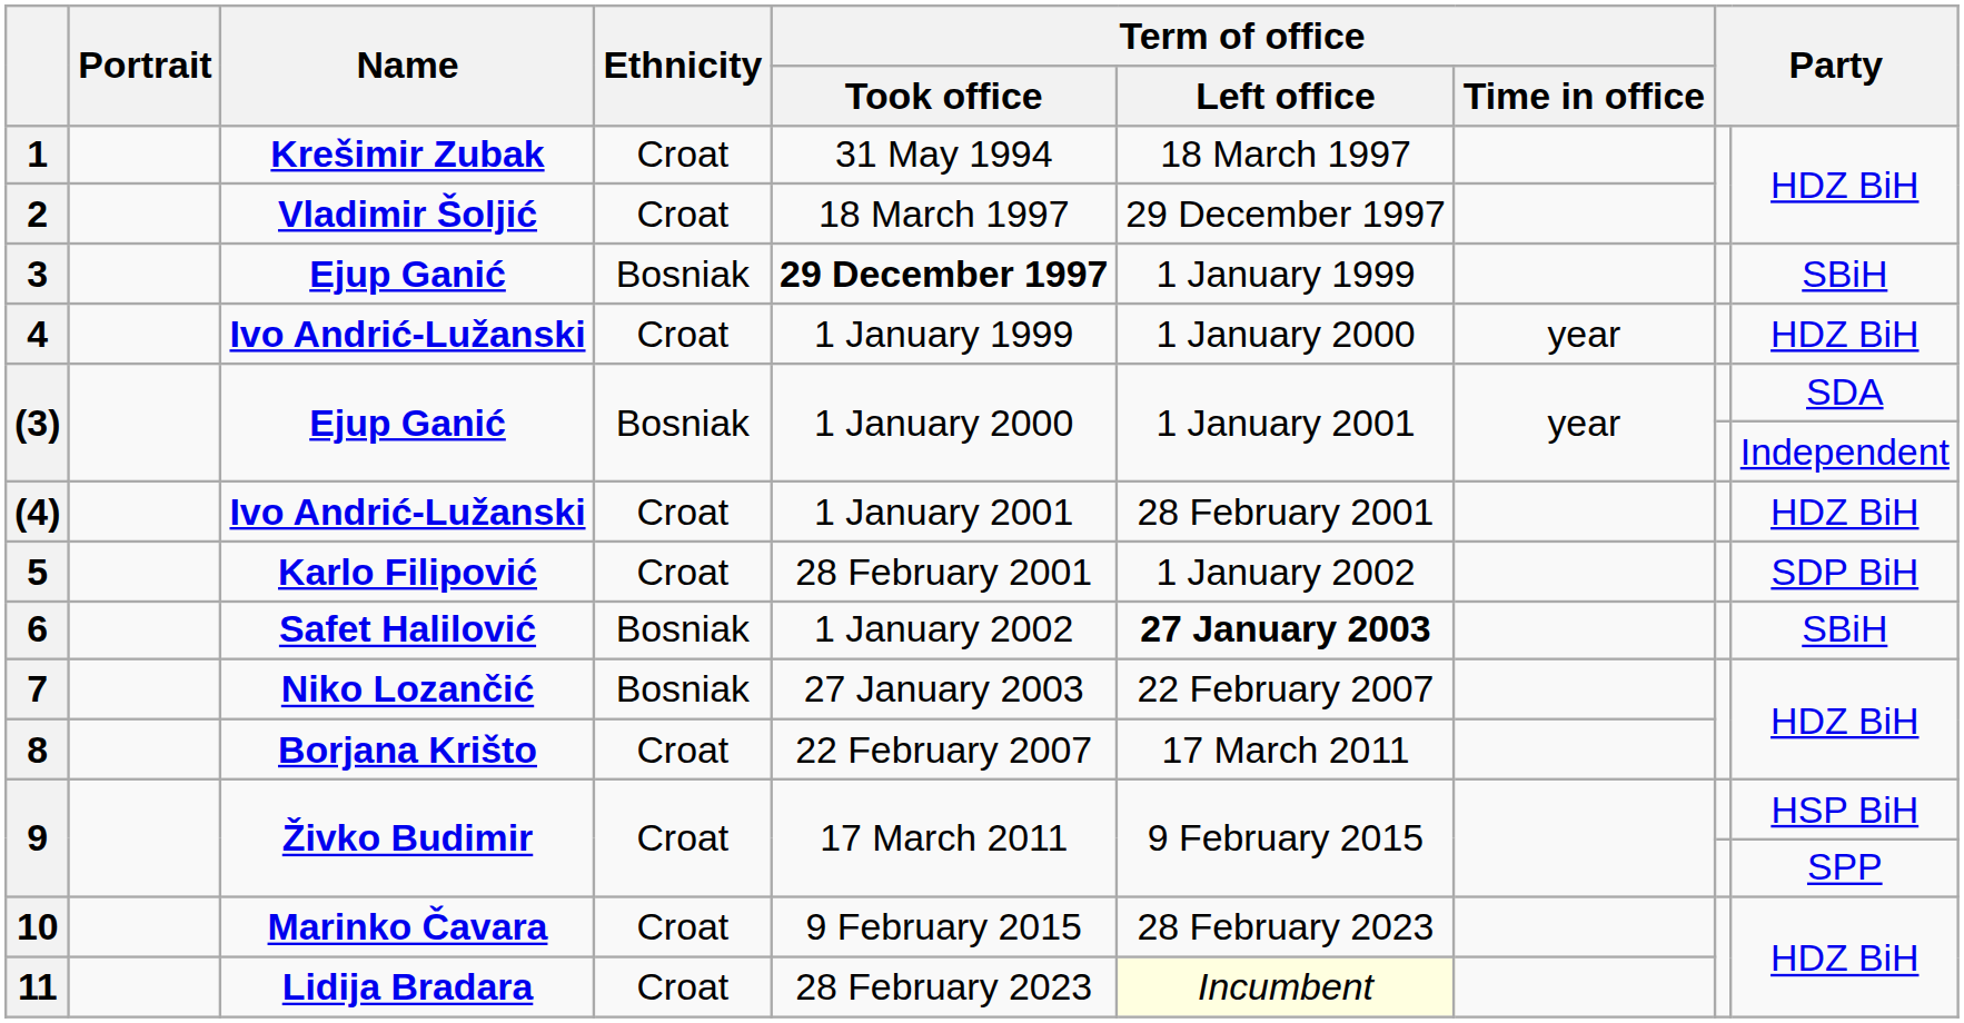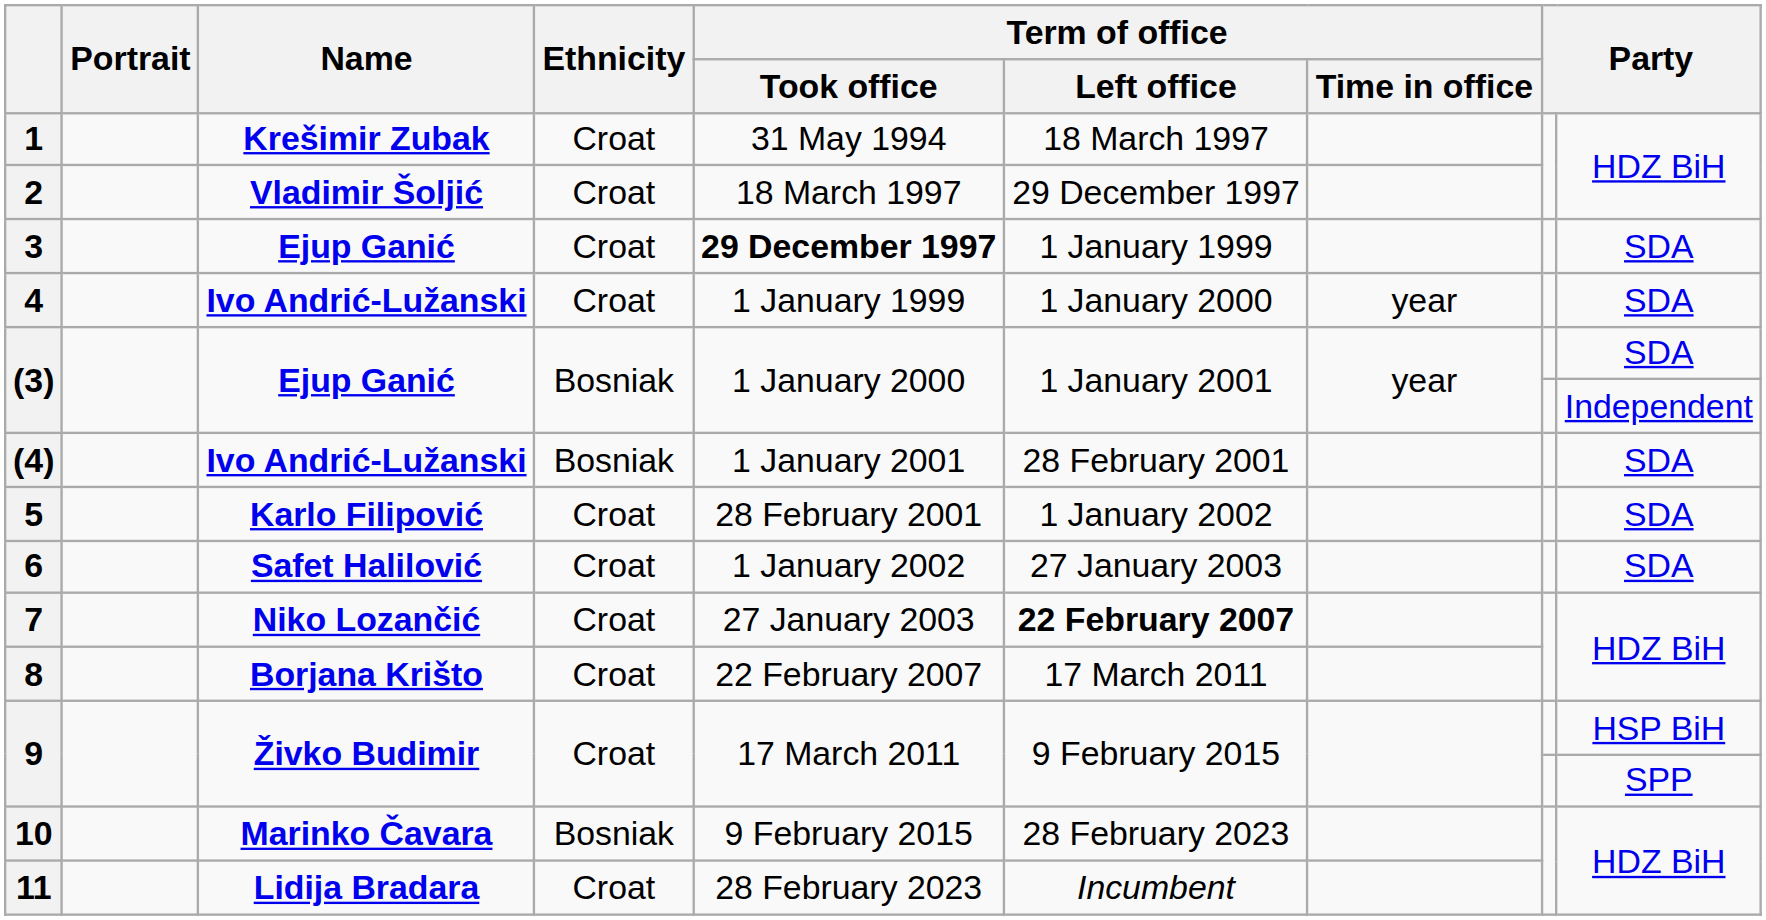 <table class="wikitable sortable" style="text-align: center;font-size:90%; border:1px #AAAAFF solid">
 <tr>
 <th rowspan=2></th>
 <th rowspan=2>Portrait</th>
 <th rowspan=2>Name<br></th>
 <th rowspan=2>Ethnicity</th>
 <th colspan=3>Term of office</th>
 <th rowspan=2 colspan=2>Party</th>
 </tr>
 <tr>
 <th>Took office</th>
 <th>Left office</th>
 <th>Time in office</th>
 </tr>
 <tr>
 <th>1</th>
 <td></td>
 <td><strong><a href='#'>Krešimir Zubak</a></strong><br></td>
 <td>Croat</td>
 <td>31 May 1994</td>
 <td>18 March 1997</td>
 <td></td>
 <td rowspan=2 style="background:"></td>
 <td rowspan=2><a href='#'>HDZ BiH</a></td>
 </tr>
 <tr>
 <th>2</th>
 <td></td>
 <td><strong><a href='#'>Vladimir Šoljić</a></strong><br></td>
 <td>Croat</td>
 <td>18 March 1997</td>
 <td>29 December 1997</td>
 <td></td>
 </tr>
 <tr>
 <th>3</th>
 <td></td>
 <td><strong><a href='#'>Ejup Ganić</a></strong><br></td>
-<td>Bosniak</td>
+<td>Croat</td>
 <td><strong>29 December 1997</strong></td>
 <td>1 January 1999</td>
 <td></td>
 <td style="background:"></td>
-<td><a href='#'>SBiH</a></td>
+<td><a href='#'>SDA</a></td>
 </tr>
 <tr>
 <th>4</th>
 <td></td>
 <td><strong><a href='#'>Ivo Andrić-Lužanski</a></strong><br></td>
 <td>Croat</td>
 <td>1 January 1999</td>
 <td>1 January 2000</td>
 <td> year</td>
 <td style="background:"></td>
-<td><a href='#'>HDZ BiH</a></td>
+<td><a href='#'>SDA</a><br></td>
 </tr>
 <tr>
 <th rowspan=2>(3)</th>
 <td rowspan=2></td>
 <td rowspan=2><strong><a href='#'>Ejup Ganić</a></strong><br></td>
 <td rowspan=2>Bosniak</td>
 <td rowspan=2>1 January 2000</td>
 <td rowspan=2>1 January 2001</td>
 <td rowspan=2> year</td>
 <td style="background:"></td>
 <td><a href='#'>SDA</a><br></td>
 </tr>
 <tr>
 <td style="background:"></td>
 <td><a href='#'>Independent</a><br></td>
 </tr>
 <tr>
 <th>(4)</th>
 <td></td>
 <td><strong><a href='#'>Ivo Andrić-Lužanski</a></strong><br></td>
-<td>Croat</td>
+<td>Bosniak</td>
 <td>1 January 2001</td>
 <td>28 February 2001</td>
 <td></td>
 <td style="background:"></td>
-<td><a href='#'>HDZ BiH</a></td>
+<td><a href='#'>SDA</a></td>
 </tr>
 <tr>
 <th>5</th>
 <td></td>
 <td><strong><a href='#'>Karlo Filipović</a></strong><br></td>
 <td>Croat</td>
 <td>28 February 2001</td>
 <td>1 January 2002</td>
 <td></td>
 <td style="background:"></td>
-<td><a href='#'>SDP BiH</a></td>
+<td><a href='#'>SDA</a><br></td>
 </tr>
 <tr>
 <th>6</th>
 <td></td>
 <td><strong><a href='#'>Safet Halilović</a></strong><br></td>
-<td>Bosniak</td>
+<td>Croat</td>
 <td>1 January 2002</td>
-<td><strong>27 January 2003</strong></td>
+<td>27 January 2003</td>
 <td></td>
 <td style="background:"></td>
-<td><a href='#'>SBiH</a></td>
+<td><a href='#'>SDA</a><br></td>
 </tr>
 <tr>
 <th>7</th>
 <td></td>
 <td><strong><a href='#'>Niko Lozančić</a></strong><br></td>
-<td>Bosniak</td>
+<td>Croat</td>
 <td>27 January 2003</td>
-<td>22 February 2007</td>
+<td><strong>22 February 2007</strong></td>
 <td></td>
 <td rowspan=2 style="background:"></td>
 <td rowspan=2><a href='#'>HDZ BiH</a></td>
 </tr>
 <tr>
 <th>8</th>
 <td></td>
 <td><strong><a href='#'>Borjana Krišto</a></strong><br></td>
 <td>Croat</td>
 <td>22 February 2007</td>
 <td>17 March 2011</td>
 <td></td>
 </tr>
 <tr>
 <th rowspan=2>9</th>
 <td rowspan=2></td>
 <td rowspan=2><strong><a href='#'>Živko Budimir</a></strong><br></td>
 <td rowspan=2>Croat</td>
 <td rowspan=2>17 March 2011</td>
 <td rowspan=2>9 February 2015</td>
 <td rowspan=2></td>
 <td style="background:"></td>
 <td><a href='#'>HSP BiH</a><br></td>
 </tr>
 <tr>
 <td style="background:"></td>
 <td><a href='#'>SPP</a><br></td>
 </tr>
 <tr>
 <th>10</th>
 <td></td>
 <td><strong><a href='#'>Marinko Čavara</a></strong><br></td>
-<td>Croat</td>
+<td>Bosniak</td>
 <td>9 February 2015</td>
 <td>28 February 2023</td>
 <td></td>
 <td rowspan=2 style="background:"></td>
 <td rowspan=2><a href='#'>HDZ BiH</a></td>
 </tr>
 <tr>
 <th>11</th>
 <td></td>
 <td><strong><a href='#'>Lidija Bradara</a></strong><br></td>
 <td>Croat</td>
 <td>28 February 2023</td>
-<td style="background: lightyellow;"><em>Incumbent</em></td>
+<td><em>Incumbent</em></td>
 <td></td>
 </tr>
 </table>
